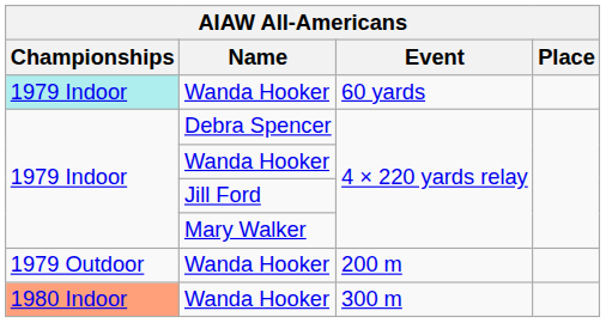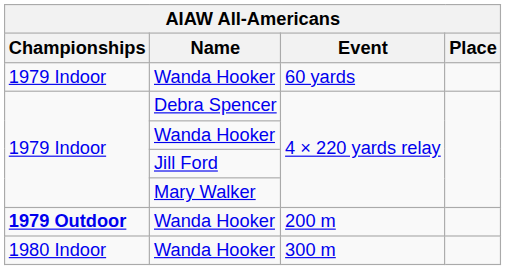 <table class="wikitable sortable">
 <tr>
 <th colspan="5">AIAW All-Americans</th>
 </tr>
 <tr>
 <th scope="col">Championships</th>
 <th scope="col">Name</th>
 <th scope="col">Event</th>
 <th scope="col">Place</th>
 </tr>
 <tr>
-<td style="background: paleturquoise;"><a href='#'>1979 Indoor</a></td>
+<td><a href='#'>1979 Indoor</a></td>
 <td><a href='#'>Wanda Hooker</a></td>
 <td><a href='#'>60 yards</a></td>
 <td></td>
 </tr>
 <tr>
 <td rowspan=4><a href='#'>1979 Indoor</a></td>
 <td><a href='#'>Debra Spencer</a></td>
 <td rowspan=4><a href='#'>4 × 220 yards relay</a></td>
 <td rowspan=4></td>
 </tr>
 <tr>
 <td><a href='#'>Wanda Hooker</a></td>
 </tr>
 <tr>
 <td><a href='#'>Jill Ford</a></td>
 </tr>
 <tr>
 <td><a href='#'>Mary Walker</a></td>
 </tr>
 <tr>
-<td><a href='#'>1979 Outdoor</a></td>
+<td><strong><a href='#'>1979 Outdoor</a></strong></td>
 <td><a href='#'>Wanda Hooker</a></td>
 <td><a href='#'>200 m</a></td>
 <td></td>
 </tr>
 <tr>
-<td style="background: lightsalmon;"><a href='#'>1980 Indoor</a></td>
+<td><a href='#'>1980 Indoor</a></td>
 <td><a href='#'>Wanda Hooker</a></td>
 <td><a href='#'>300 m</a></td>
 <td></td>
 </tr>
 </table>
